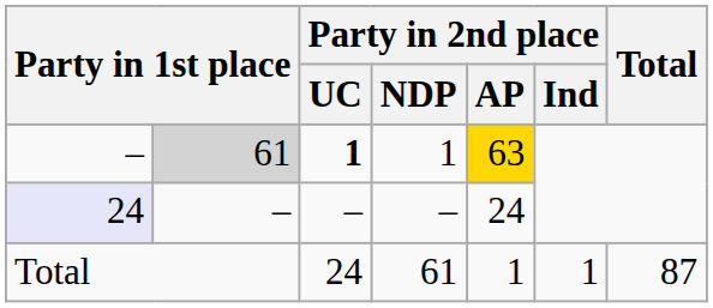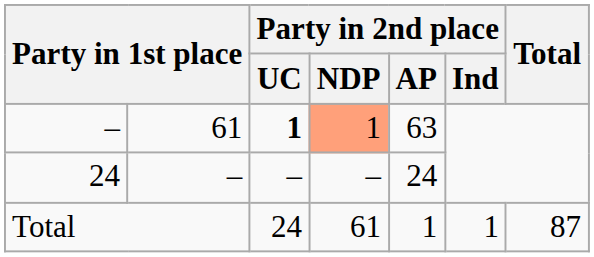 <table class="wikitable" style="text-align:right;">
 <tr>
 <th rowspan="2" colspan="2" style="text-align:left;">Party in 1st place</th>
 <th colspan="4">Party in 2nd place</th>
 <th rowspan="2">Total</th>
 </tr>
 <tr>
 <th>UC</th>
 <th>NDP</th>
 <th>AP</th>
 <th>Ind</th>
 </tr>
 <tr>
 <td>–</td>
-<td style="background: lightgrey;">61</td>
+<td>61</td>
 <td><strong>1</strong></td>
-<td>1</td>
-<td style="background: gold;">63</td>
+<td style="background: lightsalmon;">1</td>
+<td>63</td>
 </tr>
 <tr>
-<td style="background: lavender;">24</td>
+<td>24</td>
 <td>–</td>
 <td>–</td>
 <td>–</td>
 <td>24</td>
 </tr>
 <tr>
 <td colspan="2" style="text-align:left;">Total</td>
 <td>24</td>
 <td>61</td>
 <td>1</td>
 <td>1</td>
 <td>87</td>
 </tr>
 </table>
